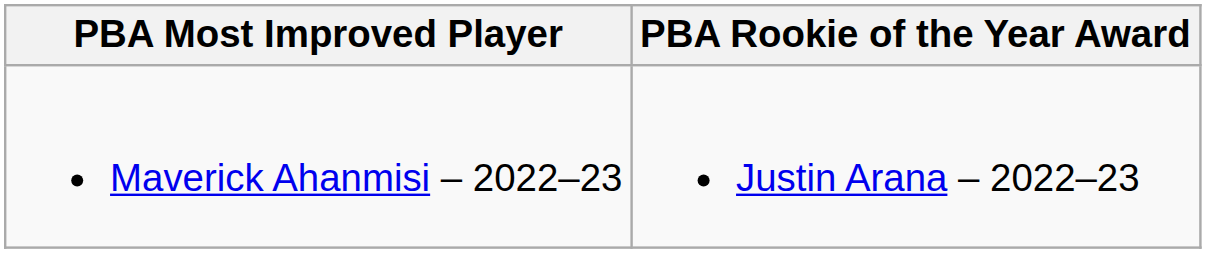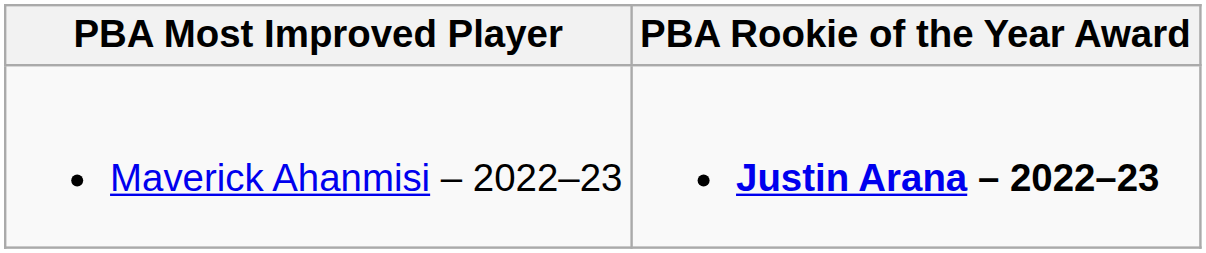 <table class=wikitable>
 <tr>
 <th>PBA Most Improved Player</th>
 <th>PBA Rookie of the Year Award</th>
 </tr>
 <tr>
 <td valign="top"><br><ul><li><a href='#'>Maverick Ahanmisi</a> – 2022–23</li></ul></td>
-<td valign="top"><br><ul><li><a href='#'>Justin Arana</a> – 2022–23</li></ul></td>
+<td valign="top"><strong><br><ul><li><a href='#'>Justin Arana</a> – 2022–23</li></ul></strong></td>
 </tr>
 </table>
